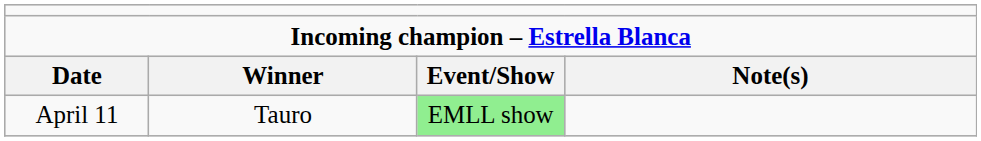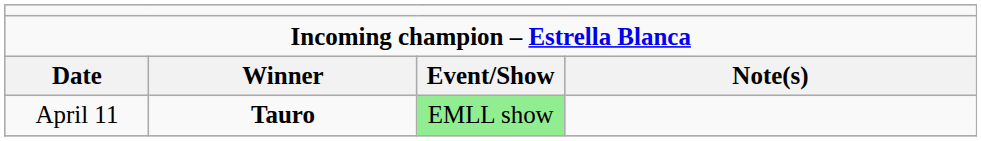 <table class="wikitable" style="text-align:center; width:100%;">
 <tr>
 <td colspan=5></td>
 </tr>
 <tr>
 <td colspan=5><strong>Incoming champion – <a href='#'>Estrella Blanca</a></strong></td>
 </tr>
 <tr>
 <th width=14%>Date</th>
 <th width=26%>Winner</th>
 <th width=14%>Event/Show</th>
 <th width=40%>Note(s)</th>
 </tr>
 <tr>
 <td>April 11</td>
-<td>Tauro</td>
+<td><strong>Tauro</strong></td>
 <td style="background: lightgreen;">EMLL show</td>
 <td></td>
 </tr>
 </table>
